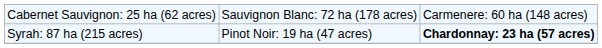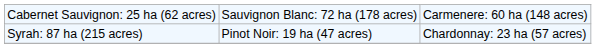 <table class="wikitable" style="background:#F0F8FF; font-size:95%;">
 <tr>
 <td>Cabernet Sauvignon: 25 ha (62 acres)</td>
 <td>Sauvignon Blanc: 72 ha (178 acres)</td>
 <td>Carmenere: 60 ha (148 acres)</td>
 </tr>
 <tr>
 <td>Syrah: 87 ha (215 acres)</td>
 <td>Pinot Noir: 19 ha (47 acres)</td>
-<td><strong>Chardonnay: 23 ha (57 acres)</strong></td>
+<td>Chardonnay: 23 ha (57 acres)</td>
 </tr>
 <tr>
 </tr>
 </table>
